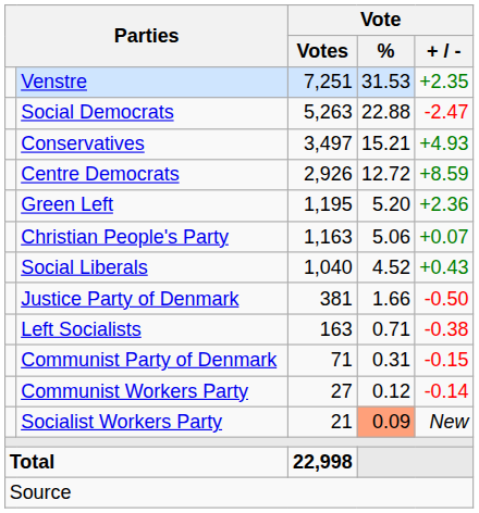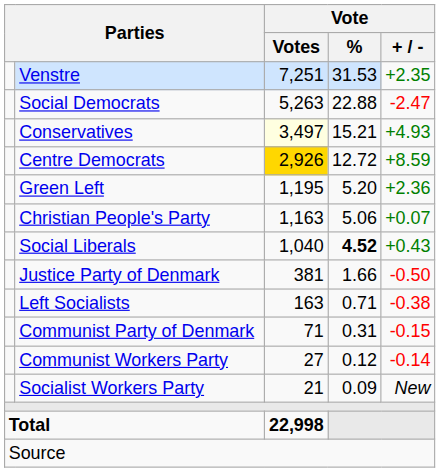 <table class="wikitable" style="text-align:right;">
 <tr>
 <th style="text-align:centre;" rowspan="2" colspan="2" width="225">Parties</th>
 <th colspan="3">Vote</th>
 </tr>
 <tr>
 <th width="15">Votes</th>
 <th width="15">%</th>
 <th width="15">+ / -</th>
 </tr>
 <tr>
 <td width="2" style="color:inherit;background:"></td>
 <td bgcolor=#cfe5fe  align="left"><a href='#'>Venstre</a></td>
 <td bgcolor=#cfe5fe>7,251</td>
 <td bgcolor=#cfe5fe>31.53</td>
 <td style=color:green;>+2.35</td>
 </tr>
 <tr>
 <td width="2" style="color:inherit;background:"></td>
 <td align="left"><a href='#'>Social Democrats</a></td>
 <td>5,263</td>
 <td>22.88</td>
 <td style=color:red;>-2.47</td>
 </tr>
 <tr>
 <td width="2" style="color:inherit;background:"></td>
 <td align="left"><a href='#'>Conservatives</a></td>
-<td>3,497</td>
+<td style="background: lightyellow;">3,497</td>
 <td>15.21</td>
 <td style=color:green;>+4.93</td>
 </tr>
 <tr>
 <td width="2" style="color:inherit;background:"></td>
 <td align="left"><a href='#'>Centre Democrats</a></td>
-<td>2,926</td>
+<td style="background: gold;">2,926</td>
 <td>12.72</td>
 <td style=color:green;>+8.59</td>
 </tr>
 <tr>
 <td width="2" style="color:inherit;background:"></td>
 <td align="left"><a href='#'>Green Left</a></td>
 <td>1,195</td>
 <td>5.20</td>
 <td style=color:green;>+2.36</td>
 </tr>
 <tr>
 <td width="2" style="color:inherit;background:"></td>
 <td align="left"><a href='#'>Christian People's Party</a></td>
 <td>1,163</td>
 <td>5.06</td>
 <td style=color:green;>+0.07</td>
 </tr>
 <tr>
 <td width="2" style="color:inherit;background:"></td>
 <td align="left"><a href='#'>Social Liberals</a></td>
 <td>1,040</td>
-<td>4.52</td>
+<td><strong>4.52</strong></td>
 <td style=color:green;>+0.43</td>
 </tr>
 <tr>
 <td width="2" style="color:inherit;background:"></td>
 <td align="left"><a href='#'>Justice Party of Denmark</a></td>
 <td>381</td>
 <td>1.66</td>
 <td style=color:red;>-0.50</td>
 </tr>
 <tr>
 <td width="2" style="color:inherit;background:"></td>
 <td align="left"><a href='#'>Left Socialists</a></td>
 <td>163</td>
 <td>0.71</td>
 <td style=color:red;>-0.38</td>
 </tr>
 <tr>
 <td width="2" style="color:inherit;background:"></td>
 <td align="left"><a href='#'>Communist Party of Denmark</a></td>
 <td>71</td>
 <td>0.31</td>
 <td style=color:red;>-0.15</td>
 </tr>
 <tr>
 <td width="2" style="color:inherit;background:"></td>
 <td align="left"><a href='#'>Communist Workers Party</a></td>
 <td>27</td>
 <td>0.12</td>
 <td style=color:red;>-0.14</td>
 </tr>
 <tr>
 <td width="2" style="color:inherit;background:"></td>
 <td align="left"><a href='#'>Socialist Workers Party</a></td>
 <td>21</td>
-<td style="background: lightsalmon;">0.09</td>
+<td>0.09</td>
 <td><em>New</em></td>
 </tr>
 <tr>
 <td colspan="7" bgcolor="#E9E9E9"></td>
 </tr>
 <tr>
 <td align="left" colspan="2"><strong>Total</strong></td>
 <td><strong>22,998</strong></td>
 <td bgcolor="#E9E9E9" colspan="2"></td>
 </tr>
 <tr>
 <td align="left" colspan="6">Source</td>
 </tr>
 </table>
